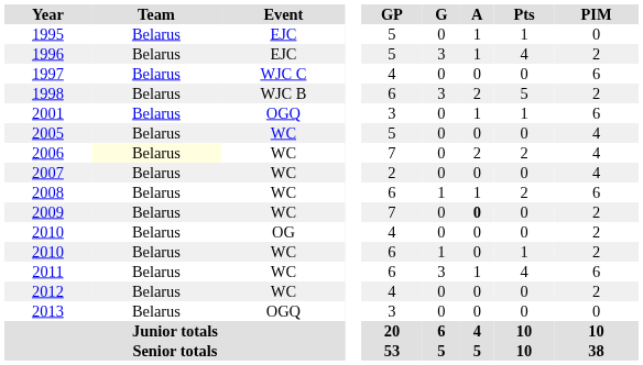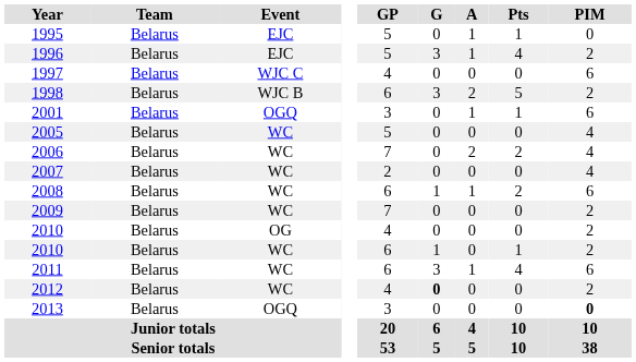 <table border="0" cellpadding="1" cellspacing="0" style="text-align:center; width:40em">
 <tr ALIGN="center" bgcolor="#e0e0e0">
 <th>Year</th>
 <th>Team</th>
 <th>Event</th>
 <th ALIGN="center" rowspan="99" bgcolor="#ffffff"> </th>
 <th>GP</th>
 <th>G</th>
 <th>A</th>
 <th>Pts</th>
 <th>PIM</th>
 </tr>
 <tr>
 <td><a href='#'>1995</a></td>
 <td><a href='#'>Belarus</a></td>
 <td><a href='#'>EJC</a></td>
 <td>5</td>
 <td>0</td>
 <td>1</td>
 <td>1</td>
 <td>0</td>
 </tr>
 <tr bgcolor="#f0f0f0">
 <td><a href='#'>1996</a></td>
 <td>Belarus</td>
 <td>EJC</td>
 <td>5</td>
 <td>3</td>
 <td>1</td>
 <td>4</td>
 <td>2</td>
 </tr>
 <tr>
 <td><a href='#'>1997</a></td>
 <td><a href='#'>Belarus</a></td>
 <td><a href='#'>WJC C</a></td>
 <td>4</td>
 <td>0</td>
 <td>0</td>
 <td>0</td>
 <td>6</td>
 </tr>
 <tr bgcolor="#f0f0f0">
 <td><a href='#'>1998</a></td>
 <td>Belarus</td>
 <td>WJC B</td>
 <td>6</td>
 <td>3</td>
 <td>2</td>
 <td>5</td>
 <td>2</td>
 </tr>
 <tr>
 <td><a href='#'>2001</a></td>
 <td><a href='#'>Belarus</a></td>
 <td><a href='#'>OGQ</a></td>
 <td>3</td>
 <td>0</td>
 <td>1</td>
 <td>1</td>
 <td>6</td>
 </tr>
 <tr bgcolor="#f0f0f0">
 <td><a href='#'>2005</a></td>
 <td>Belarus</td>
 <td><a href='#'>WC</a></td>
 <td>5</td>
 <td>0</td>
 <td>0</td>
 <td>0</td>
 <td>4</td>
 </tr>
 <tr>
 <td><a href='#'>2006</a></td>
-<td style="background: lightyellow;">Belarus</td>
+<td>Belarus</td>
 <td>WC</td>
 <td>7</td>
 <td>0</td>
 <td>2</td>
 <td>2</td>
 <td>4</td>
 </tr>
 <tr bgcolor="#f0f0f0">
 <td><a href='#'>2007</a></td>
 <td>Belarus</td>
 <td>WC</td>
 <td>2</td>
 <td>0</td>
 <td>0</td>
 <td>0</td>
 <td>4</td>
 </tr>
 <tr>
 <td><a href='#'>2008</a></td>
 <td>Belarus</td>
 <td>WC</td>
 <td>6</td>
 <td>1</td>
 <td>1</td>
 <td>2</td>
 <td>6</td>
 </tr>
 <tr bgcolor="#f0f0f0">
 <td><a href='#'>2009</a></td>
 <td>Belarus</td>
 <td>WC</td>
 <td>7</td>
 <td>0</td>
-<td><strong>0</strong></td>
+<td>0</td>
 <td>0</td>
 <td>2</td>
 </tr>
 <tr>
 <td><a href='#'>2010</a></td>
 <td>Belarus</td>
 <td>OG</td>
 <td>4</td>
 <td>0</td>
 <td>0</td>
 <td>0</td>
 <td>2</td>
 </tr>
 <tr bgcolor="#f0f0f0">
 <td><a href='#'>2010</a></td>
 <td>Belarus</td>
 <td>WC</td>
 <td>6</td>
 <td>1</td>
 <td>0</td>
 <td>1</td>
 <td>2</td>
 </tr>
 <tr>
 <td><a href='#'>2011</a></td>
 <td>Belarus</td>
 <td>WC</td>
 <td>6</td>
 <td>3</td>
 <td>1</td>
 <td>4</td>
 <td>6</td>
 </tr>
 <tr bgcolor="#f0f0f0">
 <td><a href='#'>2012</a></td>
 <td>Belarus</td>
 <td>WC</td>
 <td>4</td>
-<td>0</td>
+<td><strong>0</strong></td>
 <td>0</td>
 <td>0</td>
 <td>2</td>
 </tr>
 <tr>
 <td><a href='#'>2013</a></td>
 <td>Belarus</td>
 <td>OGQ</td>
 <td>3</td>
 <td>0</td>
 <td>0</td>
 <td>0</td>
-<td>0</td>
+<td><strong>0</strong></td>
 </tr>
 <tr bgcolor="#e0e0e0">
 <th colspan="3">Junior totals</th>
 <th>20</th>
 <th>6</th>
 <th>4</th>
 <th>10</th>
 <th>10</th>
 </tr>
 <tr bgcolor="#e0e0e0">
 <th colspan="3">Senior totals</th>
 <th>53</th>
 <th>5</th>
 <th>5</th>
 <th>10</th>
 <th>38</th>
 </tr>
 </table>
